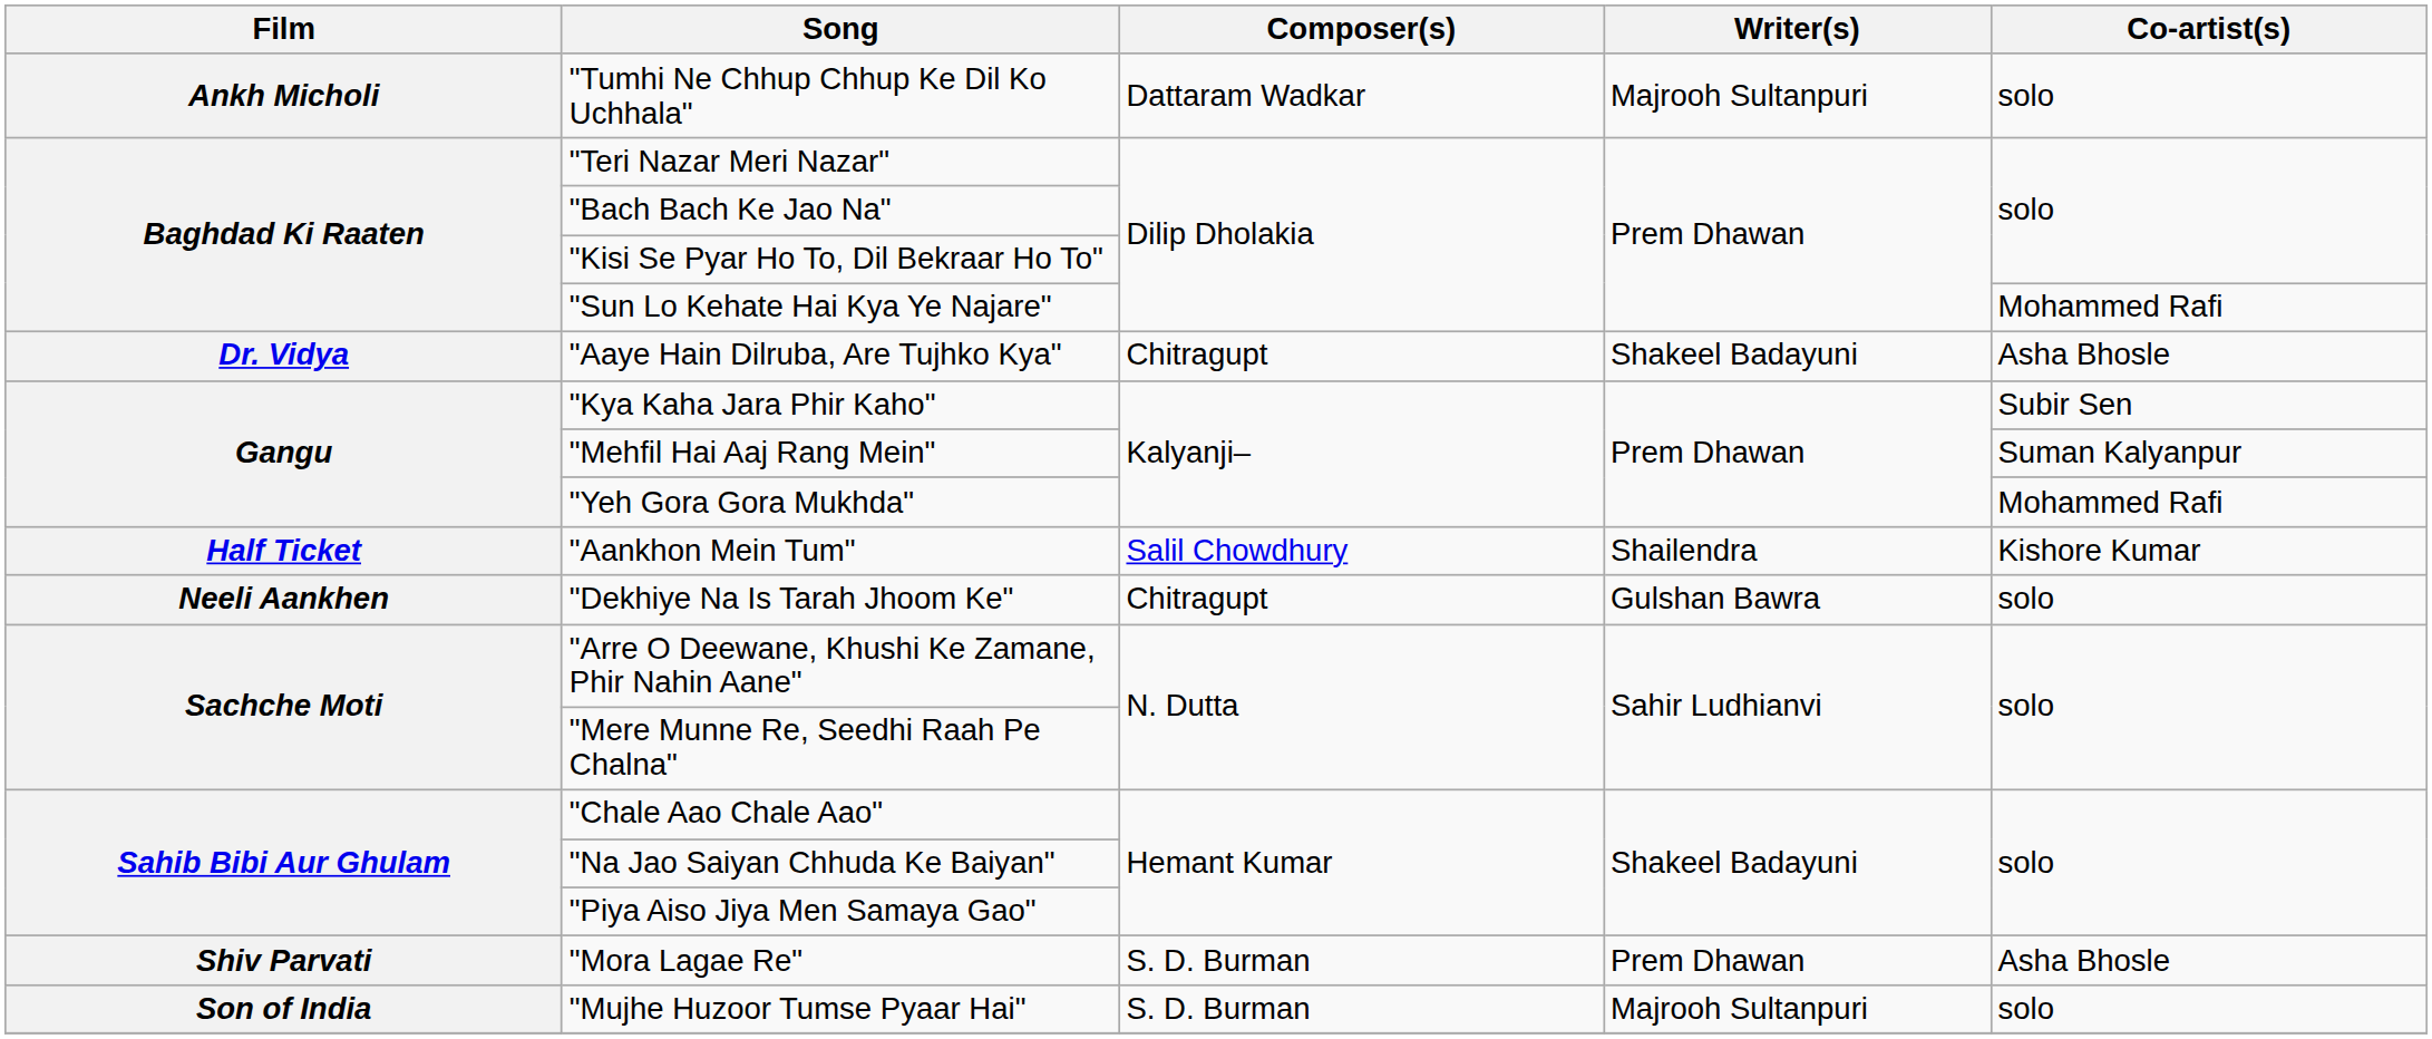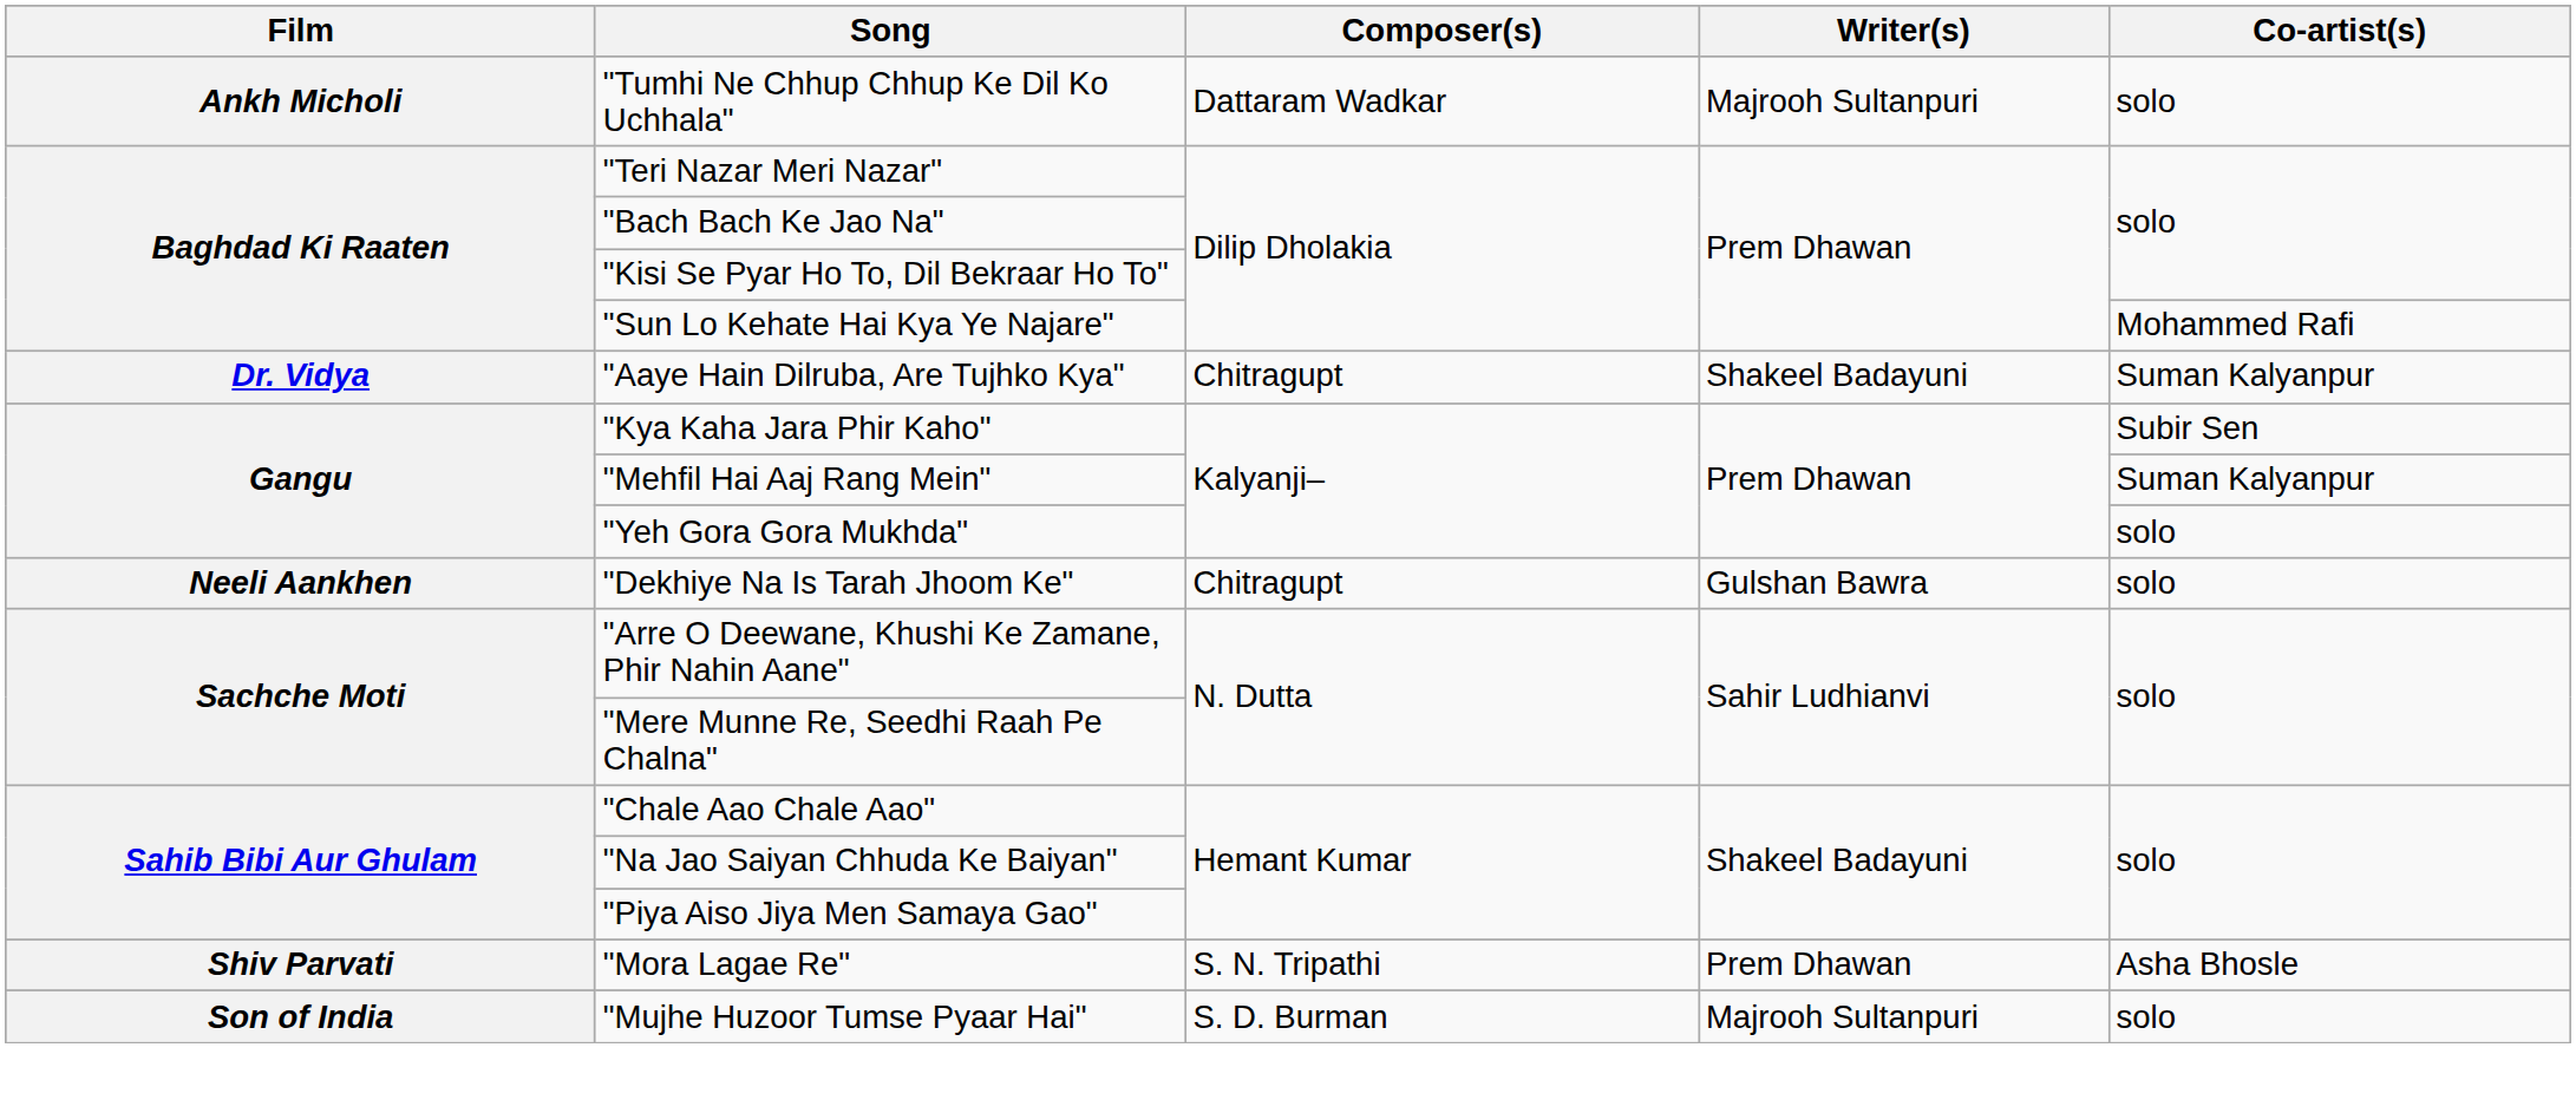 <table class="wikitable plainrowheaders" width="100%" textcolor:#000;">
 <tr style="background:#b0e0e66;">
 <th scope="col" width=23%><strong>Film</strong></th>
 <th scope="col" width=23%><strong>Song</strong></th>
 <th scope="col" width=20%><strong>Composer(s)</strong></th>
 <th scope="col" width=16%><strong>Writer(s)</strong></th>
 <th scope="col" width=18%><strong>Co-artist(s)</strong></th>
 </tr>
 <tr>
 <th><em>Ankh Micholi</em></th>
 <td>"Tumhi Ne Chhup Chhup Ke Dil Ko Uchhala"</td>
 <td>Dattaram Wadkar</td>
 <td>Majrooh Sultanpuri</td>
 <td>solo</td>
 </tr>
 <tr>
 <th Rowspan=4><em>Baghdad Ki Raaten</em></th>
 <td>"Teri Nazar Meri Nazar"</td>
 <td rowspan=4>Dilip Dholakia</td>
 <td rowspan=4>Prem Dhawan</td>
 <td rowspan=3>solo</td>
 </tr>
 <tr>
 <td>"Bach Bach Ke Jao Na"</td>
 </tr>
 <tr>
 <td>"Kisi Se Pyar Ho To, Dil Bekraar Ho To"</td>
 </tr>
 <tr>
 <td>"Sun Lo Kehate Hai Kya Ye Najare"</td>
 <td>Mohammed Rafi</td>
 </tr>
 <tr>
 <th><em><a href='#'>Dr. Vidya</a></em></th>
 <td>"Aaye Hain Dilruba, Are Tujhko Kya"</td>
 <td>Chitragupt</td>
 <td>Shakeel Badayuni</td>
-<td>Asha Bhosle</td>
+<td>Suman Kalyanpur</td>
 </tr>
 <tr>
 <th Rowspan=3><em>Gangu</em></th>
 <td>"Kya Kaha Jara Phir Kaho"</td>
 <td rowspan=3>Kalyanji–</td>
 <td rowspan=3>Prem Dhawan</td>
 <td>Subir Sen</td>
 </tr>
 <tr>
 <td>"Mehfil Hai Aaj Rang Mein"</td>
 <td>Suman Kalyanpur</td>
 </tr>
 <tr>
 <td>"Yeh Gora Gora Mukhda"</td>
-<td>Mohammed Rafi</td>
-</tr>
-<tr>
-<th><em><a href='#'>Half Ticket</a></em></th>
-<td>"Aankhon Mein Tum"</td>
-<td><a href='#'>Salil Chowdhury</a></td>
-<td>Shailendra</td>
-<td>Kishore Kumar</td>
+<td>solo</td>
 </tr>
 <tr>
 <th><em>Neeli Aankhen</em></th>
 <td>"Dekhiye Na Is Tarah Jhoom Ke"</td>
 <td>Chitragupt</td>
 <td>Gulshan Bawra</td>
 <td>solo</td>
 </tr>
 <tr>
 <th Rowspan=2><em>Sachche Moti</em></th>
 <td>"Arre O Deewane, Khushi Ke Zamane, Phir Nahin Aane"</td>
 <td rowspan=2>N. Dutta</td>
 <td rowspan=2>Sahir Ludhianvi</td>
 <td rowspan=2>solo</td>
 </tr>
 <tr>
 <td>"Mere Munne Re, Seedhi Raah Pe Chalna"</td>
 </tr>
 <tr>
 <th Rowspan=3><em><a href='#'>Sahib Bibi Aur Ghulam</a></em></th>
 <td>"Chale Aao Chale Aao"</td>
 <td rowspan=3>Hemant Kumar</td>
 <td rowspan=3>Shakeel Badayuni</td>
 <td rowspan=3>solo</td>
 </tr>
 <tr>
 <td>"Na Jao Saiyan Chhuda Ke Baiyan"</td>
 </tr>
 <tr>
 <td>"Piya Aiso Jiya Men Samaya Gao"</td>
 </tr>
 <tr>
 <th><em>Shiv Parvati</em></th>
 <td>"Mora Lagae Re"</td>
-<td>S. D. Burman</td>
+<td>S. N. Tripathi</td>
 <td>Prem Dhawan</td>
 <td>Asha Bhosle</td>
 </tr>
 <tr>
 <th><em>Son of India</em></th>
 <td>"Mujhe Huzoor Tumse Pyaar Hai"</td>
 <td>S. D. Burman</td>
 <td>Majrooh Sultanpuri</td>
 <td>solo</td>
 </tr>
 <tr>
 </tr>
 </table>
